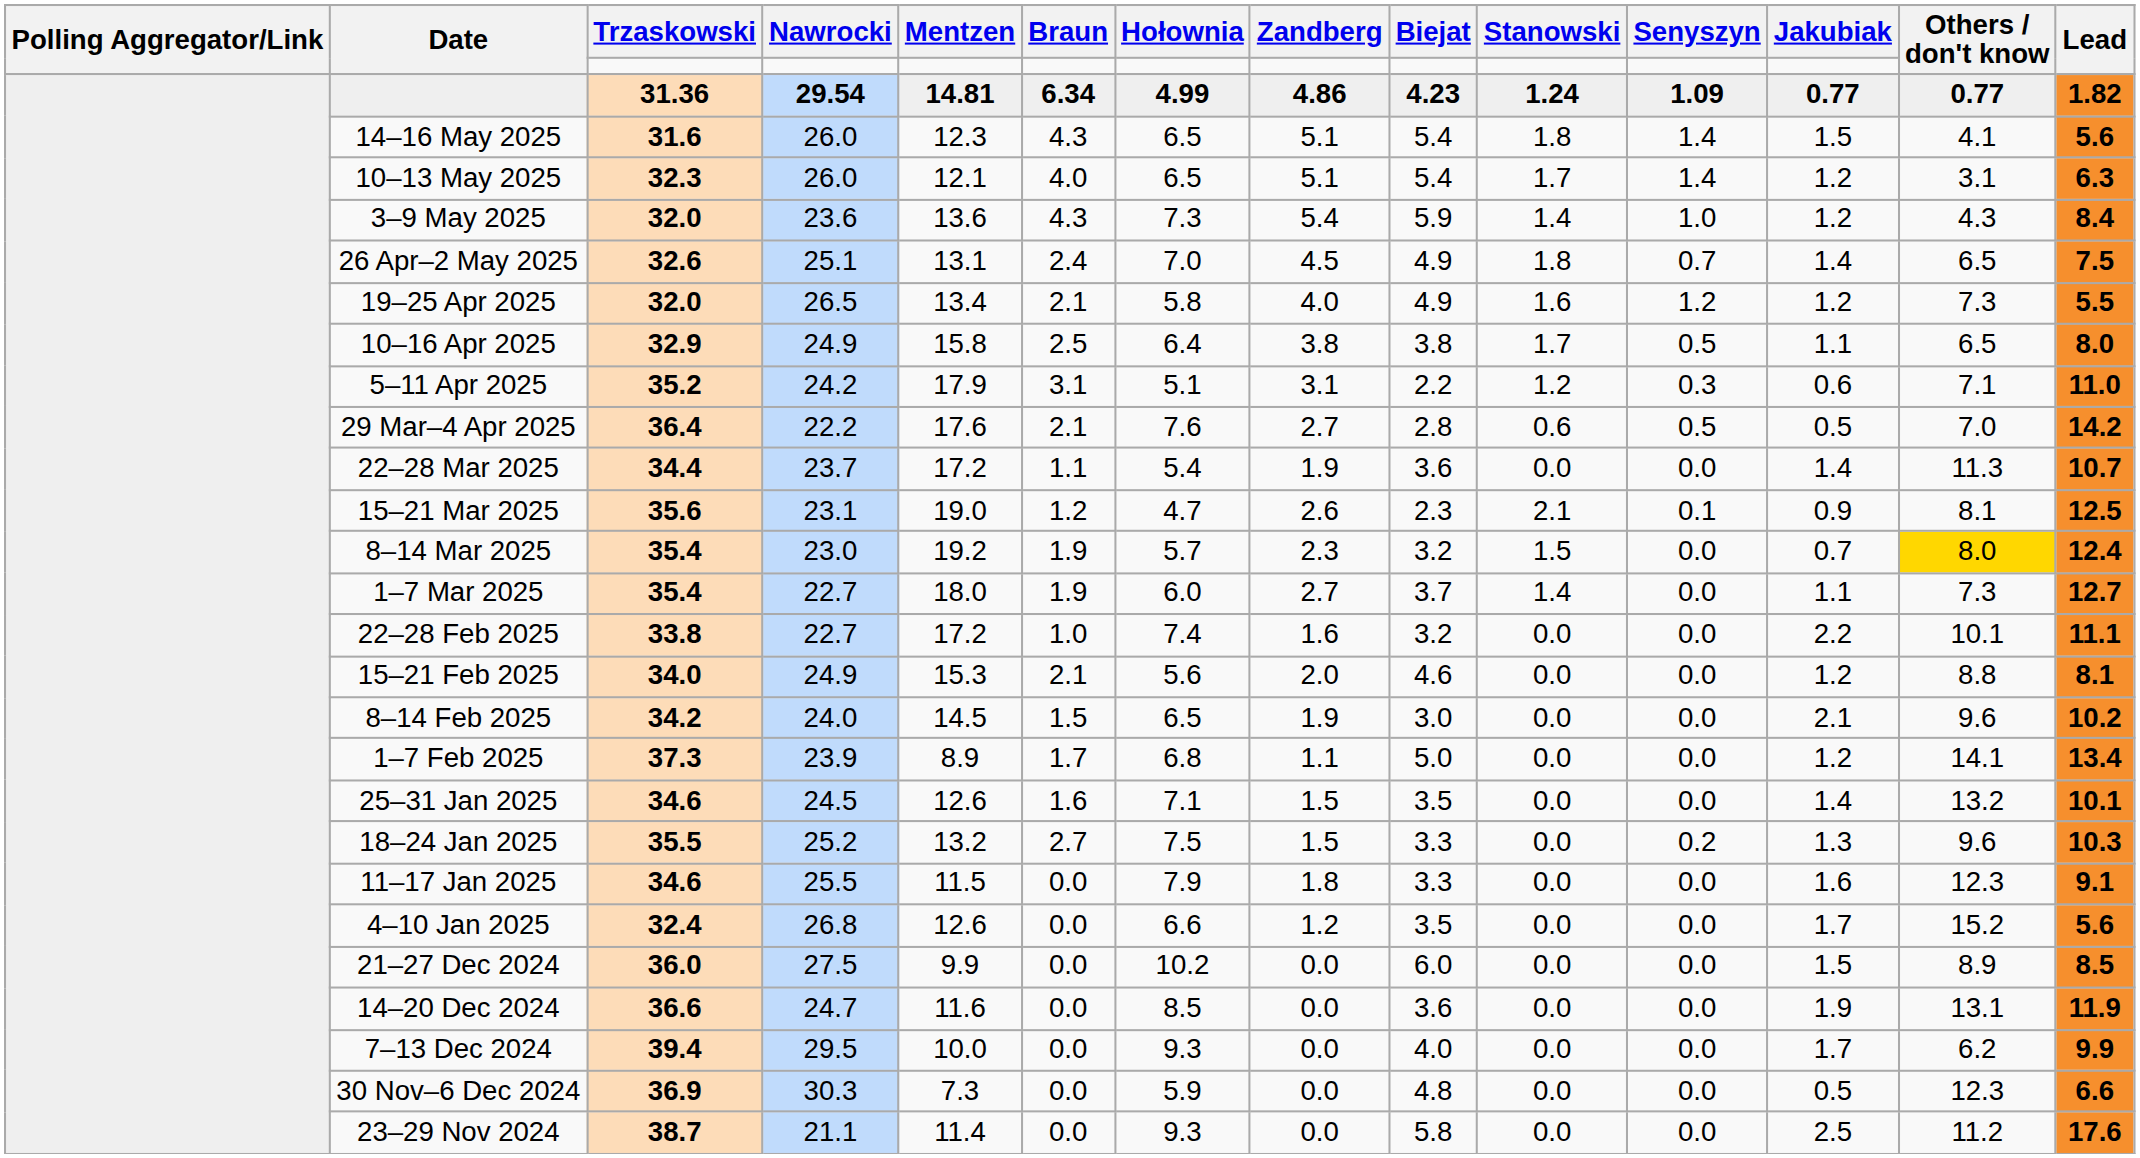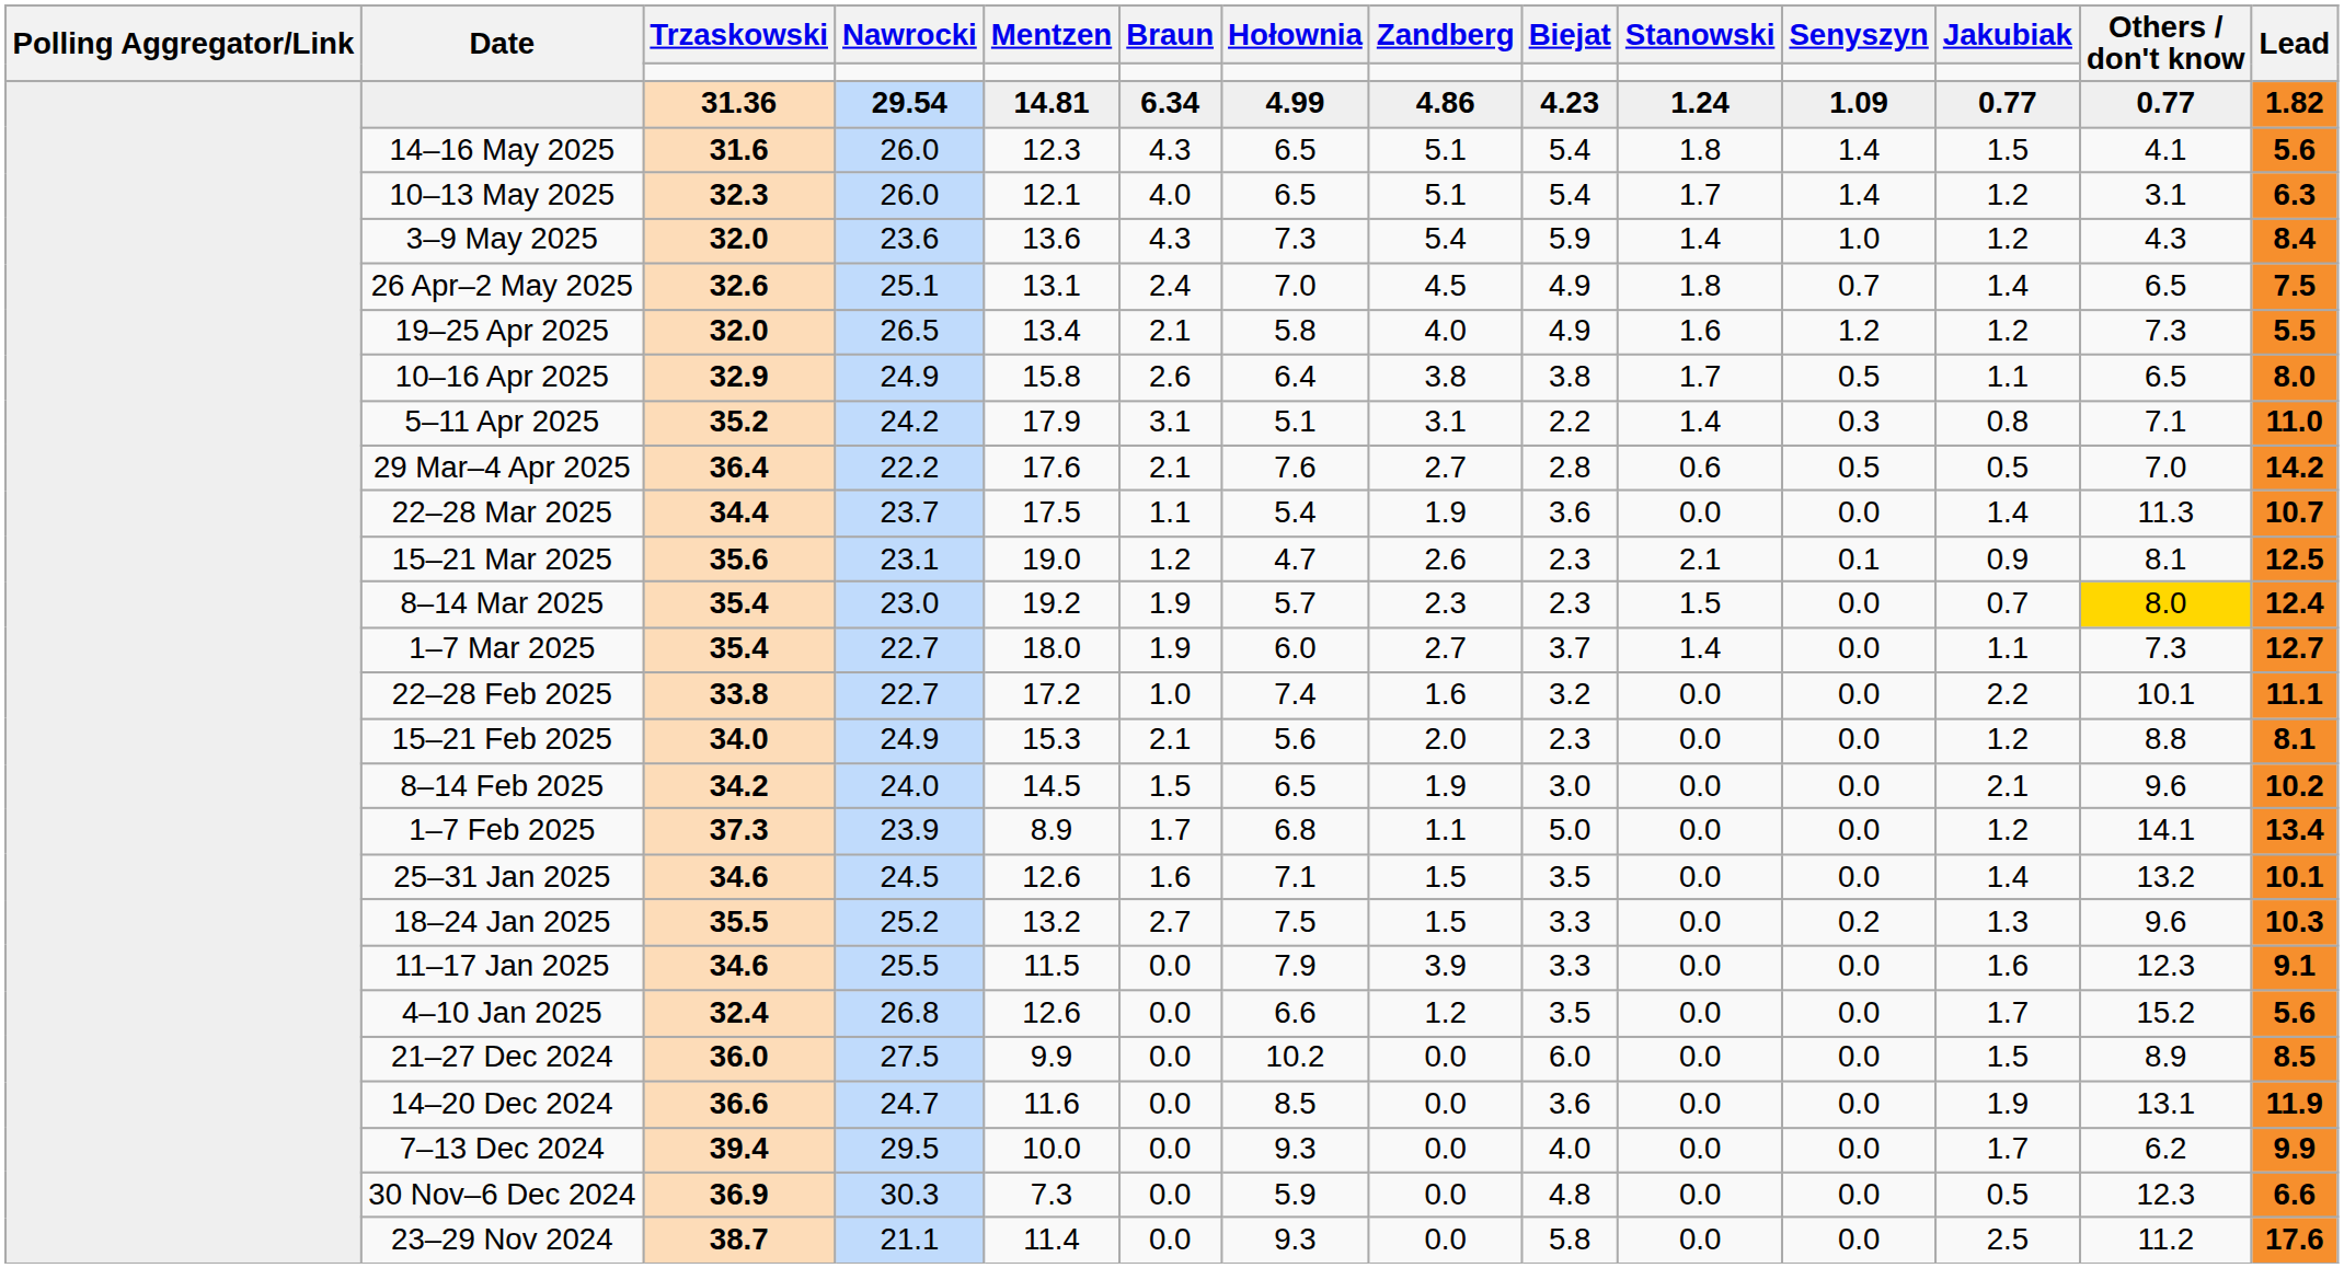 <table class="wikitable" style="text-align:center; font-size:85%; line-height:14px; width=auto;">
 <tr>
 <th rowspan="2">Polling Aggregator/Link</th>
 <th rowspan="2">Date</th>
 <th><a href='#'>Trzaskowski</a><br></th>
 <th><a href='#'>Nawrocki</a><br></th>
 <th><a href='#'>Mentzen</a><br></th>
 <th><a href='#'>Braun</a><br></th>
 <th><a href='#'>Hołownia</a><br></th>
 <th><a href='#'>Zandberg</a><br></th>
 <th><a href='#'>Biejat</a><br></th>
 <th><a href='#'>Stanowski</a><br></th>
 <th><a href='#'>Senyszyn</a><br></th>
 <th><a href='#'>Jakubiak</a><br></th>
 <th rowspan="2">Others / <br>don't know</th>
 <th rowspan="2">Lead</th>
 </tr>
 <tr>
 <td style="background:"></td>
 <td style="background:"></td>
 <td style="background:"></td>
 <td style="background:"></td>
 <td style="background:"></td>
 <td style="background:"></td>
 <td style="background:"></td>
 <td style="background:"></td>
 <td style="background:"></td>
 <td style="background:"></td>
 </tr>
 <tr style="background:#EFEFEF; font-weight:bold;">
 <td rowspan="26"></td>
 <td></td>
 <td style="background:#FDDCB8;">31.36</td>
 <td style="background:#C0DBFC;">29.54</td>
 <td>14.81</td>
 <td>6.34</td>
 <td>4.99</td>
 <td>4.86</td>
 <td>4.23</td>
 <td>1.24</td>
 <td>1.09</td>
 <td>0.77</td>
 <td>0.77</td>
 <td style="background:#F68F2D;">1.82</td>
 </tr>
 <tr>
 <td data-sort-value="2025-05-16">14–16 May 2025</td>
 <td style="background:#FDDCB8;"><strong>31.6</strong></td>
 <td style="background:#C0DBFC;">26.0</td>
 <td>12.3</td>
 <td>4.3</td>
 <td>6.5</td>
 <td>5.1</td>
 <td>5.4</td>
 <td>1.8</td>
 <td>1.4</td>
 <td>1.5</td>
 <td>4.1</td>
 <td style="background:#F68F2D;"><strong>5.6</strong></td>
 </tr>
 <tr>
 <td data-sort-value="2025-05-13">10–13 May 2025</td>
 <td style="background:#FDDCB8;"><strong>32.3</strong></td>
 <td style="background:#C0DBFC;">26.0</td>
 <td>12.1</td>
 <td>4.0</td>
 <td>6.5</td>
 <td>5.1</td>
 <td>5.4</td>
 <td>1.7</td>
 <td>1.4</td>
 <td>1.2</td>
 <td>3.1</td>
 <td style="background:#F68F2D;"><strong>6.3</strong></td>
 </tr>
 <tr>
 <td data-sort-value="2025-05-09">3–9 May 2025</td>
 <td style="background:#FDDCB8;"><strong>32.0</strong></td>
 <td style="background:#C0DBFC;">23.6</td>
 <td>13.6</td>
 <td>4.3</td>
 <td>7.3</td>
 <td>5.4</td>
 <td>5.9</td>
 <td>1.4</td>
 <td>1.0</td>
 <td>1.2</td>
 <td>4.3</td>
 <td style="background:#F68F2D;"><strong>8.4</strong></td>
 </tr>
 <tr>
 <td data-sort-value="2025-05-09">26 Apr–2 May 2025</td>
 <td style="background:#FDDCB8;"><strong>32.6</strong></td>
 <td style="background:#C0DBFC;">25.1</td>
 <td>13.1</td>
 <td>2.4</td>
 <td>7.0</td>
 <td>4.5</td>
 <td>4.9</td>
 <td>1.8</td>
 <td>0.7</td>
 <td>1.4</td>
 <td>6.5</td>
 <td style="background:#F68F2D;"><strong>7.5</strong></td>
 </tr>
 <tr>
 <td data-sort-value="2025-04-25">19–25 Apr 2025</td>
 <td style="background:#FDDCB8;"><strong>32.0</strong></td>
 <td style="background:#C0DBFC;">26.5</td>
 <td>13.4</td>
 <td>2.1</td>
 <td>5.8</td>
 <td>4.0</td>
 <td>4.9</td>
 <td>1.6</td>
 <td>1.2</td>
 <td>1.2</td>
 <td>7.3</td>
 <td style="background:#F68F2D;"><strong>5.5</strong></td>
 </tr>
 <tr>
 <td data-sort-value="2025-04-18">10–16 Apr 2025</td>
 <td style="background:#FDDCB8;"><strong>32.9</strong></td>
 <td style="background:#C0DBFC;">24.9</td>
 <td>15.8</td>
-<td>2.5</td>
+<td>2.6</td>
 <td>6.4</td>
 <td>3.8</td>
 <td>3.8</td>
 <td>1.7</td>
 <td>0.5</td>
 <td>1.1</td>
 <td>6.5</td>
 <td style="background:#F68F2D;"><strong>8.0</strong></td>
 </tr>
 <tr>
 <td data-sort-value="2025-04-11">5–11 Apr 2025</td>
 <td style="background:#FDDCB8;"><strong>35.2</strong></td>
 <td style="background:#C0DBFC;">24.2</td>
 <td>17.9</td>
 <td>3.1</td>
 <td>5.1</td>
 <td>3.1</td>
 <td>2.2</td>
-<td>1.2</td>
+<td>1.4</td>
 <td>0.3</td>
-<td>0.6</td>
+<td>0.8</td>
 <td>7.1</td>
 <td style="background:#F68F2D;"><strong>11.0</strong></td>
 </tr>
 <tr>
 <td data-sort-value="2025-04-04">29 Mar–4 Apr 2025</td>
 <td style="background:#FDDCB8;"><strong>36.4</strong></td>
 <td style="background:#C0DBFC;">22.2</td>
 <td>17.6</td>
 <td>2.1</td>
 <td>7.6</td>
 <td>2.7</td>
 <td>2.8</td>
 <td>0.6</td>
 <td>0.5</td>
 <td>0.5</td>
 <td>7.0</td>
 <td style="background:#F68F2D;"><strong>14.2</strong></td>
 </tr>
 <tr>
 <td data-sort-value="2025-03-28">22–28 Mar 2025</td>
 <td style="background:#FDDCB8;"><strong>34.4</strong></td>
 <td style="background:#C0DBFC;">23.7</td>
-<td>17.2</td>
+<td>17.5</td>
 <td>1.1</td>
 <td>5.4</td>
 <td>1.9</td>
 <td>3.6</td>
 <td>0.0</td>
 <td>0.0</td>
 <td>1.4</td>
 <td>11.3</td>
 <td style="background:#F68F2D;"><strong>10.7</strong></td>
 </tr>
 <tr>
 <td data-sort-value="2025-03-21">15–21 Mar 2025</td>
 <td style="background:#FDDCB8;"><strong>35.6</strong></td>
 <td style="background:#C0DBFC;">23.1</td>
 <td>19.0</td>
 <td>1.2</td>
 <td>4.7</td>
 <td>2.6</td>
 <td>2.3</td>
 <td>2.1</td>
 <td>0.1</td>
 <td>0.9</td>
 <td>8.1</td>
 <td style="background:#F68F2D;"><strong>12.5</strong></td>
 </tr>
 <tr>
 <td data-sort-value="2025-03-14">8–14 Mar 2025</td>
 <td style="background:#FDDCB8;"><strong>35.4</strong></td>
 <td style="background:#C0DBFC;">23.0</td>
 <td>19.2</td>
 <td>1.9</td>
 <td>5.7</td>
 <td>2.3</td>
-<td>3.2</td>
+<td>2.3</td>
 <td>1.5</td>
 <td>0.0</td>
 <td>0.7</td>
 <td style="background: gold;">8.0</td>
 <td style="background:#F68F2D;"><strong>12.4</strong></td>
 </tr>
 <tr>
 <td data-sort-value="2025-03-07">1–7 Mar  2025</td>
 <td style="background:#FDDCB8;"><strong>35.4</strong></td>
 <td style="background:#C0DBFC;">22.7</td>
 <td>18.0</td>
 <td>1.9</td>
 <td>6.0</td>
 <td>2.7</td>
 <td>3.7</td>
 <td>1.4</td>
 <td>0.0</td>
 <td>1.1</td>
 <td>7.3</td>
 <td style="background:#F68F2D;"><strong>12.7</strong></td>
 </tr>
 <tr>
 <td data-sort-value="2025-02-28">22–28 Feb 2025</td>
 <td style="background:#FDDCB8;"><strong>33.8</strong></td>
 <td style="background:#C0DBFC;">22.7</td>
 <td>17.2</td>
 <td>1.0</td>
 <td>7.4</td>
 <td>1.6</td>
 <td>3.2</td>
 <td>0.0</td>
 <td>0.0</td>
 <td>2.2</td>
 <td>10.1</td>
 <td style="background:#F68F2D;"><strong>11.1</strong></td>
 </tr>
 <tr>
 <td data-sort-value="2025-02-21">15–21 Feb 2025</td>
 <td style="background:#FDDCB8;"><strong>34.0</strong></td>
 <td style="background:#C0DBFC;">24.9</td>
 <td>15.3</td>
 <td>2.1</td>
 <td>5.6</td>
 <td>2.0</td>
-<td>4.6</td>
+<td>2.3</td>
 <td>0.0</td>
 <td>0.0</td>
 <td>1.2</td>
 <td>8.8</td>
 <td style="background:#F68F2D;"><strong>8.1</strong></td>
 </tr>
 <tr>
 <td data-sort-value="2025-02-14">8–14  Feb 2025</td>
 <td style="background:#FDDCB8;"><strong>34.2</strong></td>
 <td style="background:#C0DBFC;">24.0</td>
 <td>14.5</td>
 <td>1.5</td>
 <td>6.5</td>
 <td>1.9</td>
 <td>3.0</td>
 <td>0.0</td>
 <td>0.0</td>
 <td>2.1</td>
 <td>9.6</td>
 <td style="background:#F68F2D;"><strong>10.2</strong></td>
 </tr>
 <tr>
 <td data-sort-value="2025-02-07">1–7 Feb 2025</td>
 <td style="background:#FDDCB8;"><strong>37.3</strong></td>
 <td style="background:#C0DBFC;">23.9</td>
 <td>8.9</td>
 <td>1.7</td>
 <td>6.8</td>
 <td>1.1</td>
 <td>5.0</td>
 <td>0.0</td>
 <td>0.0</td>
 <td>1.2</td>
 <td>14.1</td>
 <td style="background:#F68F2D;"><strong>13.4</strong></td>
 </tr>
 <tr>
 <td data-sort-value="2025-01-31">25–31 Jan 2025</td>
 <td style="background:#FDDCB8;"><strong>34.6</strong></td>
 <td style="background:#C0DBFC;">24.5</td>
 <td>12.6</td>
 <td>1.6</td>
 <td>7.1</td>
 <td>1.5</td>
 <td>3.5</td>
 <td>0.0</td>
 <td>0.0</td>
 <td>1.4</td>
 <td>13.2</td>
 <td style="background:#F68F2D;"><strong>10.1</strong></td>
 </tr>
 <tr>
 <td data-sort-value="2025-01-24">18–24 Jan 2025</td>
 <td style="background:#FDDCB8;"><strong>35.5</strong></td>
 <td style="background:#C0DBFC;">25.2</td>
 <td>13.2</td>
 <td>2.7</td>
 <td>7.5</td>
 <td>1.5</td>
 <td>3.3</td>
 <td>0.0</td>
 <td>0.2</td>
 <td>1.3</td>
 <td>9.6</td>
 <td style="background:#F68F2D;"><strong>10.3</strong></td>
 </tr>
 <tr>
 <td data-sort-value="2025-01-17">11–17 Jan 2025</td>
 <td style="background:#FDDCB8;"><strong>34.6</strong></td>
 <td style="background:#C0DBFC;">25.5</td>
 <td>11.5</td>
 <td>0.0</td>
 <td>7.9</td>
-<td>1.8</td>
+<td>3.9</td>
 <td>3.3</td>
 <td>0.0</td>
 <td>0.0</td>
 <td>1.6</td>
 <td>12.3</td>
 <td style="background:#F68F2D;"><strong>9.1</strong></td>
 </tr>
 <tr>
 <td data-sort-value="2025-01-10">4–10 Jan 2025</td>
 <td style="background:#FDDCB8;"><strong>32.4</strong></td>
 <td style="background:#C0DBFC;">26.8</td>
 <td>12.6</td>
 <td>0.0</td>
 <td>6.6</td>
 <td>1.2</td>
 <td>3.5</td>
 <td>0.0</td>
 <td>0.0</td>
 <td>1.7</td>
 <td>15.2</td>
 <td style="background:#F68F2D;"><strong>5.6</strong></td>
 </tr>
 <tr>
 <td data-sort-value="2024-12-27">21–27 Dec 2024</td>
 <td style="background:#FDDCB8;"><strong>36.0</strong></td>
 <td style="background:#C0DBFC;">27.5</td>
 <td>9.9</td>
 <td>0.0</td>
 <td>10.2</td>
 <td>0.0</td>
 <td>6.0</td>
 <td>0.0</td>
 <td>0.0</td>
 <td>1.5</td>
 <td>8.9</td>
 <td style="background:#F68F2D;"><strong>8.5</strong></td>
 </tr>
 <tr>
 <td data-sort-value="2024-12-20">14–20 Dec 2024</td>
 <td style="background:#FDDCB8;"><strong>36.6</strong></td>
 <td style="background:#C0DBFC;">24.7</td>
 <td>11.6</td>
 <td>0.0</td>
 <td>8.5</td>
 <td>0.0</td>
 <td>3.6</td>
 <td>0.0</td>
 <td>0.0</td>
 <td>1.9</td>
 <td>13.1</td>
 <td style="background:#F68F2D;"><strong>11.9</strong></td>
 </tr>
 <tr>
 <td data-sort-value="2024-12-13">7–13 Dec 2024</td>
 <td style="background:#FDDCB8;"><strong>39.4</strong></td>
 <td style="background:#C0DBFC;">29.5</td>
 <td>10.0</td>
 <td>0.0</td>
 <td>9.3</td>
 <td>0.0</td>
 <td>4.0</td>
 <td>0.0</td>
 <td>0.0</td>
 <td>1.7</td>
 <td>6.2</td>
 <td style="background:#F68F2D;"><strong>9.9</strong></td>
 </tr>
 <tr>
 <td data-sort-value="2024-12-06">30 Nov–6 Dec 2024</td>
 <td style="background:#FDDCB8;"><strong>36.9</strong></td>
 <td style="background:#C0DBFC;">30.3</td>
 <td>7.3</td>
 <td>0.0</td>
 <td>5.9</td>
 <td>0.0</td>
 <td>4.8</td>
 <td>0.0</td>
 <td>0.0</td>
 <td>0.5</td>
 <td>12.3</td>
 <td style="background:#F68F2D;"><strong>6.6</strong></td>
 </tr>
 <tr>
 <td data-sort-value="2024-11-29">23–29 Nov 2024</td>
 <td style="background:#FDDCB8;"><strong>38.7</strong></td>
 <td style="background:#C0DBFC;">21.1</td>
 <td>11.4</td>
 <td>0.0</td>
 <td>9.3</td>
 <td>0.0</td>
 <td>5.8</td>
 <td>0.0</td>
 <td>0.0</td>
 <td>2.5</td>
 <td>11.2</td>
 <td style="background:#F68F2D;"><strong>17.6</strong></td>
 </tr>
 </table>
